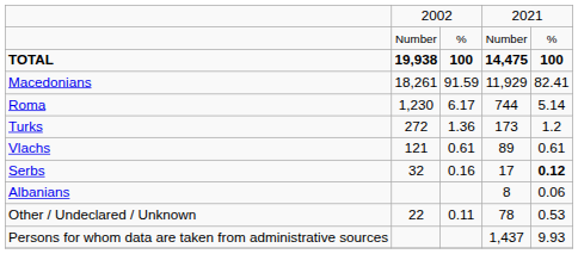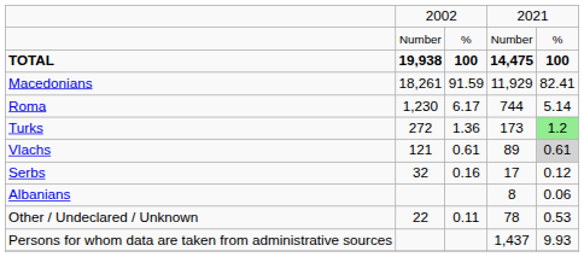 <table class="wikitable">
 <tr>
 <td></td>
 <td colspan="2" align="center">2002</td>
 <td colspan="2" align="center">2021</td>
 </tr>
 <tr>
 <td></td>
 <td align="center"><small>Number</small></td>
 <td align="center"><small>%</small></td>
 <td align="center"><small>Number</small></td>
 <td align="center"><small>%</small></td>
 </tr>
 <tr>
 <td><strong>TOTAL</strong></td>
 <td align="center"><strong>19,938</strong></td>
 <td align="center"><strong>100</strong></td>
 <td align="center"><strong>14,475</strong></td>
 <td align="center"><strong>100</strong></td>
 </tr>
 <tr>
 <td><a href='#'>Macedonians</a></td>
 <td align="center">18,261</td>
 <td align="center">91.59</td>
 <td align="center">11,929</td>
 <td align="center">82.41</td>
 </tr>
 <tr>
 <td><a href='#'>Roma</a></td>
 <td align="center">1,230</td>
 <td align="center">6.17</td>
 <td align="center">744</td>
 <td align="center">5.14</td>
 </tr>
 <tr>
 <td><a href='#'>Turks</a></td>
 <td align="center">272</td>
 <td align="center">1.36</td>
 <td align="center">173</td>
-<td align="center">1.2</td>
+<td align="center" style="background: lightgreen;">1.2</td>
 </tr>
 <tr>
 <td><a href='#'>Vlachs</a></td>
 <td align="center">121</td>
 <td align="center">0.61</td>
 <td align="center">89</td>
-<td align="center">0.61</td>
+<td align="center" style="background: lightgrey;">0.61</td>
 </tr>
 <tr>
 <td><a href='#'>Serbs</a></td>
 <td align="center">32</td>
 <td align="center">0.16</td>
 <td align="center">17</td>
-<td align="center"><strong>0.12</strong></td>
+<td align="center">0.12</td>
 </tr>
 <tr>
 <td><a href='#'>Albanians</a></td>
 <td align="center"></td>
 <td align="center"></td>
 <td align="center">8</td>
 <td align="center">0.06</td>
 </tr>
 <tr>
 <td>Other / Undeclared / Unknown</td>
 <td align="center">22</td>
 <td align="center">0.11</td>
 <td align="center">78</td>
 <td align="center">0.53</td>
 </tr>
 <tr>
 <td>Persons for whom data are taken from administrative sources</td>
 <td></td>
 <td></td>
 <td align="center">1,437</td>
 <td align="center">9.93</td>
 </tr>
 <tr>
 </tr>
 </table>
